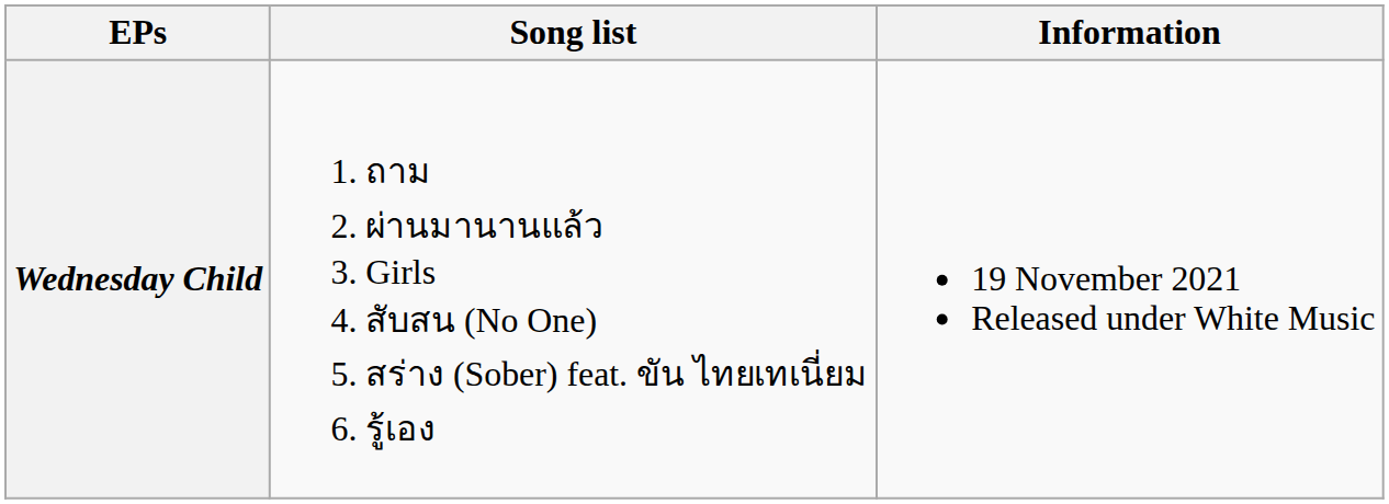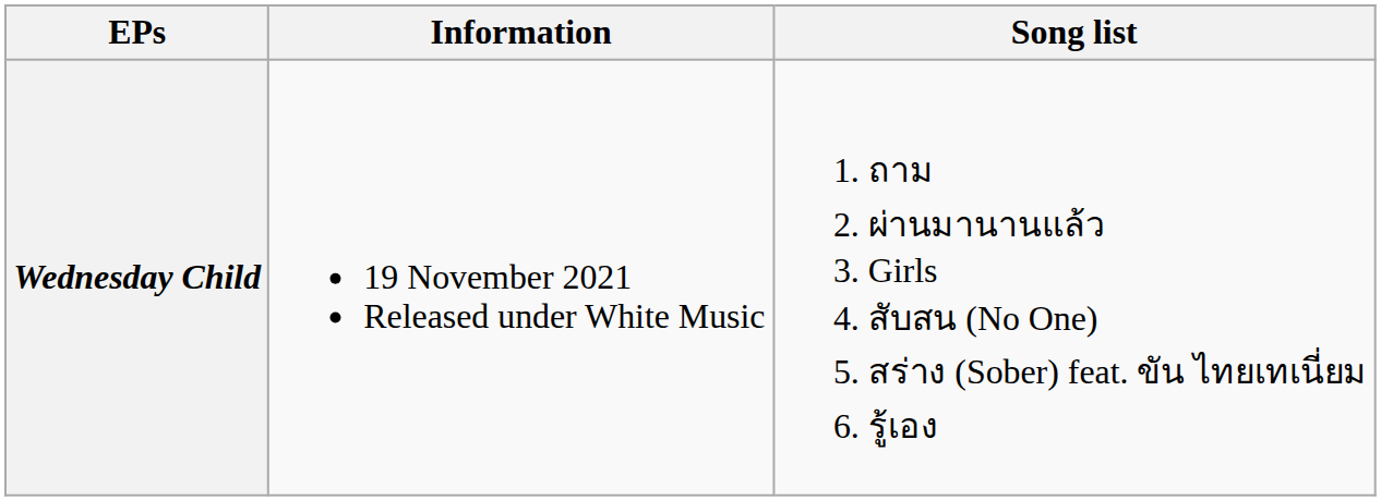 <table class="wikitable">
 <tr>
 <th>EPs</th>
+<th>Information</th>
 <th>Song list</th>
-<th>Information</th>
 </tr>
 <tr>
 <th><em>Wednesday Child</em></th>
+<td><br><ul><li>19 November 2021</li><li>Released under White Music</li></ul></td>
 <td><br><ol><li>ถาม</li><li>ผ่านมานานแล้ว</li><li>Girls</li><li>สับสน (No One)</li><li>สร่าง (Sober) feat. ขัน ไทยเทเนี่ยม</li><li>รู้เอง</li></ol></td>
-<td><br><ul><li>19 November 2021</li><li>Released under White Music</li></ul></td>
 </tr>
 </table>
